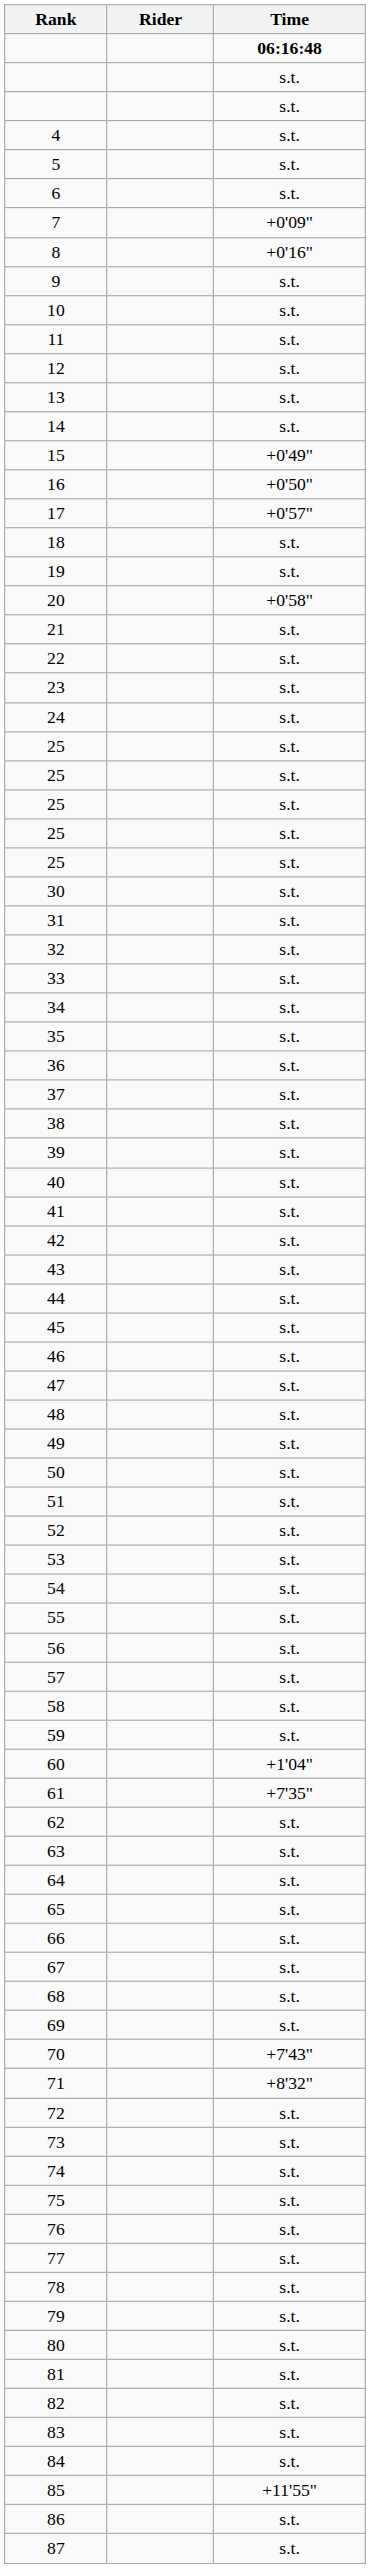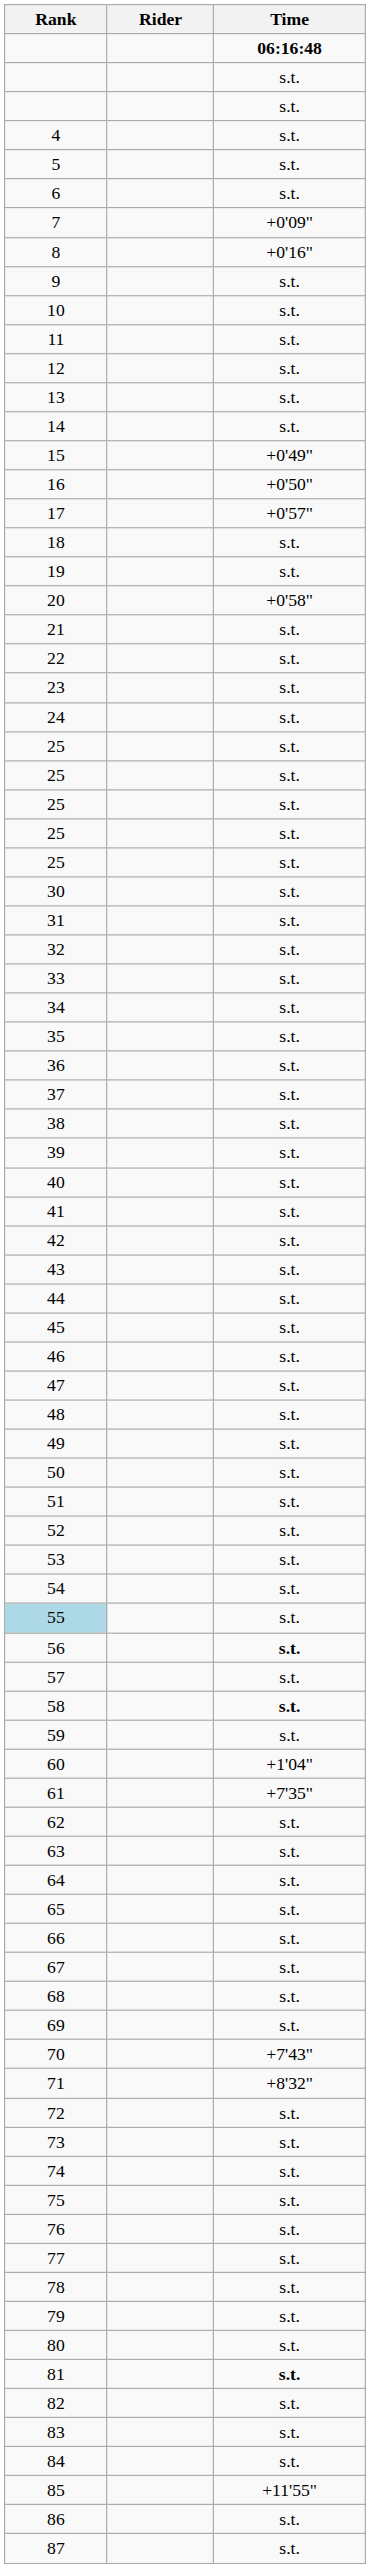 <table class=wikitable style="font-size:95%" width="50%">
 <tr>
 <th>Rank</th>
 <th>Rider</th>
 <th>Time</th>
 </tr>
 <tr>
 <td align="center"></td>
 <td></td>
 <td align="center"><strong>06:16:48</strong></td>
 </tr>
 <tr>
 <td align="center"></td>
 <td></td>
 <td align="center">s.t.</td>
 </tr>
 <tr>
 <td align="center"></td>
 <td></td>
 <td align="center">s.t.</td>
 </tr>
 <tr>
 <td align="center">4</td>
 <td></td>
 <td align="center">s.t.</td>
 </tr>
 <tr>
 <td align="center">5</td>
 <td></td>
 <td align="center">s.t.</td>
 </tr>
 <tr>
 <td align="center">6</td>
 <td></td>
 <td align="center">s.t.</td>
 </tr>
 <tr>
 <td align="center">7</td>
 <td></td>
 <td align="center">+0'09"</td>
 </tr>
 <tr>
 <td align="center">8</td>
 <td></td>
 <td align="center">+0'16"</td>
 </tr>
 <tr>
 <td align="center">9</td>
 <td></td>
 <td align="center">s.t.</td>
 </tr>
 <tr>
 <td align="center">10</td>
 <td></td>
 <td align="center">s.t.</td>
 </tr>
 <tr>
 <td align="center">11</td>
 <td></td>
 <td align="center">s.t.</td>
 </tr>
 <tr>
 <td align="center">12</td>
 <td></td>
 <td align="center">s.t.</td>
 </tr>
 <tr>
 <td align="center">13</td>
 <td></td>
 <td align="center">s.t.</td>
 </tr>
 <tr>
 <td align="center">14</td>
 <td></td>
 <td align="center">s.t.</td>
 </tr>
 <tr>
 <td align="center">15</td>
 <td></td>
 <td align="center">+0'49"</td>
 </tr>
 <tr>
 <td align="center">16</td>
 <td></td>
 <td align="center">+0'50"</td>
 </tr>
 <tr>
 <td align="center">17</td>
 <td></td>
 <td align="center">+0'57"</td>
 </tr>
 <tr>
 <td align="center">18</td>
 <td></td>
 <td align="center">s.t.</td>
 </tr>
 <tr>
 <td align="center">19</td>
 <td></td>
 <td align="center">s.t.</td>
 </tr>
 <tr>
 <td align="center">20</td>
 <td></td>
 <td align="center">+0'58"</td>
 </tr>
 <tr>
 <td align="center">21</td>
 <td></td>
 <td align="center">s.t.</td>
 </tr>
 <tr>
 <td align="center">22</td>
 <td></td>
 <td align="center">s.t.</td>
 </tr>
 <tr>
 <td align="center">23</td>
 <td></td>
 <td align="center">s.t.</td>
 </tr>
 <tr>
 <td align="center">24</td>
 <td></td>
 <td align="center">s.t.</td>
 </tr>
 <tr>
 <td align="center">25</td>
 <td></td>
 <td align="center">s.t.</td>
 </tr>
 <tr>
 <td align="center">25</td>
 <td></td>
 <td align="center">s.t.</td>
 </tr>
 <tr>
 <td align="center">25</td>
 <td></td>
 <td align="center">s.t.</td>
 </tr>
 <tr>
 <td align="center">25</td>
 <td></td>
 <td align="center">s.t.</td>
 </tr>
 <tr>
 <td align="center">25</td>
 <td></td>
 <td align="center">s.t.</td>
 </tr>
 <tr>
 <td align="center">30</td>
 <td></td>
 <td align="center">s.t.</td>
 </tr>
 <tr>
 <td align="center">31</td>
 <td></td>
 <td align="center">s.t.</td>
 </tr>
 <tr>
 <td align="center">32</td>
 <td></td>
 <td align="center">s.t.</td>
 </tr>
 <tr>
 <td align="center">33</td>
 <td></td>
 <td align="center">s.t.</td>
 </tr>
 <tr>
 <td align="center">34</td>
 <td></td>
 <td align="center">s.t.</td>
 </tr>
 <tr>
 <td align="center">35</td>
 <td></td>
 <td align="center">s.t.</td>
 </tr>
 <tr>
 <td align="center">36</td>
 <td></td>
 <td align="center">s.t.</td>
 </tr>
 <tr>
 <td align="center">37</td>
 <td></td>
 <td align="center">s.t.</td>
 </tr>
 <tr>
 <td align="center">38</td>
 <td></td>
 <td align="center">s.t.</td>
 </tr>
 <tr>
 <td align="center">39</td>
 <td></td>
 <td align="center">s.t.</td>
 </tr>
 <tr>
 <td align="center">40</td>
 <td></td>
 <td align="center">s.t.</td>
 </tr>
 <tr>
 <td align="center">41</td>
 <td></td>
 <td align="center">s.t.</td>
 </tr>
 <tr>
 <td align="center">42</td>
 <td></td>
 <td align="center">s.t.</td>
 </tr>
 <tr>
 <td align="center">43</td>
 <td></td>
 <td align="center">s.t.</td>
 </tr>
 <tr>
 <td align="center">44</td>
 <td></td>
 <td align="center">s.t.</td>
 </tr>
 <tr>
 <td align="center">45</td>
 <td></td>
 <td align="center">s.t.</td>
 </tr>
 <tr>
 <td align="center">46</td>
 <td></td>
 <td align="center">s.t.</td>
 </tr>
 <tr>
 <td align="center">47</td>
 <td></td>
 <td align="center">s.t.</td>
 </tr>
 <tr>
 <td align="center">48</td>
 <td></td>
 <td align="center">s.t.</td>
 </tr>
 <tr>
 <td align="center">49</td>
 <td></td>
 <td align="center">s.t.</td>
 </tr>
 <tr>
 <td align="center">50</td>
 <td></td>
 <td align="center">s.t.</td>
 </tr>
 <tr>
 <td align="center">51</td>
 <td></td>
 <td align="center">s.t.</td>
 </tr>
 <tr>
 <td align="center">52</td>
 <td></td>
 <td align="center">s.t.</td>
 </tr>
 <tr>
 <td align="center">53</td>
 <td></td>
 <td align="center">s.t.</td>
 </tr>
 <tr>
 <td align="center">54</td>
 <td></td>
 <td align="center">s.t.</td>
 </tr>
 <tr>
-<td align="center">55</td>
+<td align="center" style="background: lightblue;">55</td>
 <td></td>
 <td align="center">s.t.</td>
 </tr>
 <tr>
 <td align="center">56</td>
 <td></td>
-<td align="center">s.t.</td>
+<td align="center"><strong>s.t.</strong></td>
 </tr>
 <tr>
 <td align="center">57</td>
 <td></td>
 <td align="center">s.t.</td>
 </tr>
 <tr>
 <td align="center">58</td>
 <td></td>
-<td align="center">s.t.</td>
+<td align="center"><strong>s.t.</strong></td>
 </tr>
 <tr>
 <td align="center">59</td>
 <td></td>
 <td align="center">s.t.</td>
 </tr>
 <tr>
 <td align="center">60</td>
 <td></td>
 <td align="center">+1'04"</td>
 </tr>
 <tr>
 <td align="center">61</td>
 <td></td>
 <td align="center">+7'35"</td>
 </tr>
 <tr>
 <td align="center">62</td>
 <td></td>
 <td align="center">s.t.</td>
 </tr>
 <tr>
 <td align="center">63</td>
 <td></td>
 <td align="center">s.t.</td>
 </tr>
 <tr>
 <td align="center">64</td>
 <td></td>
 <td align="center">s.t.</td>
 </tr>
 <tr>
 <td align="center">65</td>
 <td></td>
 <td align="center">s.t.</td>
 </tr>
 <tr>
 <td align="center">66</td>
 <td></td>
 <td align="center">s.t.</td>
 </tr>
 <tr>
 <td align="center">67</td>
 <td></td>
 <td align="center">s.t.</td>
 </tr>
 <tr>
 <td align="center">68</td>
 <td></td>
 <td align="center">s.t.</td>
 </tr>
 <tr>
 <td align="center">69</td>
 <td></td>
 <td align="center">s.t.</td>
 </tr>
 <tr>
 <td align="center">70</td>
 <td></td>
 <td align="center">+7'43"</td>
 </tr>
 <tr>
 <td align="center">71</td>
 <td></td>
 <td align="center">+8'32"</td>
 </tr>
 <tr>
 <td align="center">72</td>
 <td></td>
 <td align="center">s.t.</td>
 </tr>
 <tr>
 <td align="center">73</td>
 <td></td>
 <td align="center">s.t.</td>
 </tr>
 <tr>
 <td align="center">74</td>
 <td></td>
 <td align="center">s.t.</td>
 </tr>
 <tr>
 <td align="center">75</td>
 <td></td>
 <td align="center">s.t.</td>
 </tr>
 <tr>
 <td align="center">76</td>
 <td></td>
 <td align="center">s.t.</td>
 </tr>
 <tr>
 <td align="center">77</td>
 <td></td>
 <td align="center">s.t.</td>
 </tr>
 <tr>
 <td align="center">78</td>
 <td></td>
 <td align="center">s.t.</td>
 </tr>
 <tr>
 <td align="center">79</td>
 <td></td>
 <td align="center">s.t.</td>
 </tr>
 <tr>
 <td align="center">80</td>
 <td></td>
 <td align="center">s.t.</td>
 </tr>
 <tr>
 <td align="center">81</td>
 <td></td>
-<td align="center">s.t.</td>
+<td align="center"><strong>s.t.</strong></td>
 </tr>
 <tr>
 <td align="center">82</td>
 <td></td>
 <td align="center">s.t.</td>
 </tr>
 <tr>
 <td align="center">83</td>
 <td></td>
 <td align="center">s.t.</td>
 </tr>
 <tr>
 <td align="center">84</td>
 <td></td>
 <td align="center">s.t.</td>
 </tr>
 <tr>
 <td align="center">85</td>
 <td></td>
 <td align="center">+11'55"</td>
 </tr>
 <tr>
 <td align="center">86</td>
 <td></td>
 <td align="center">s.t.</td>
 </tr>
 <tr>
 <td align="center">87</td>
 <td></td>
 <td align="center">s.t.</td>
 </tr>
 </table>
